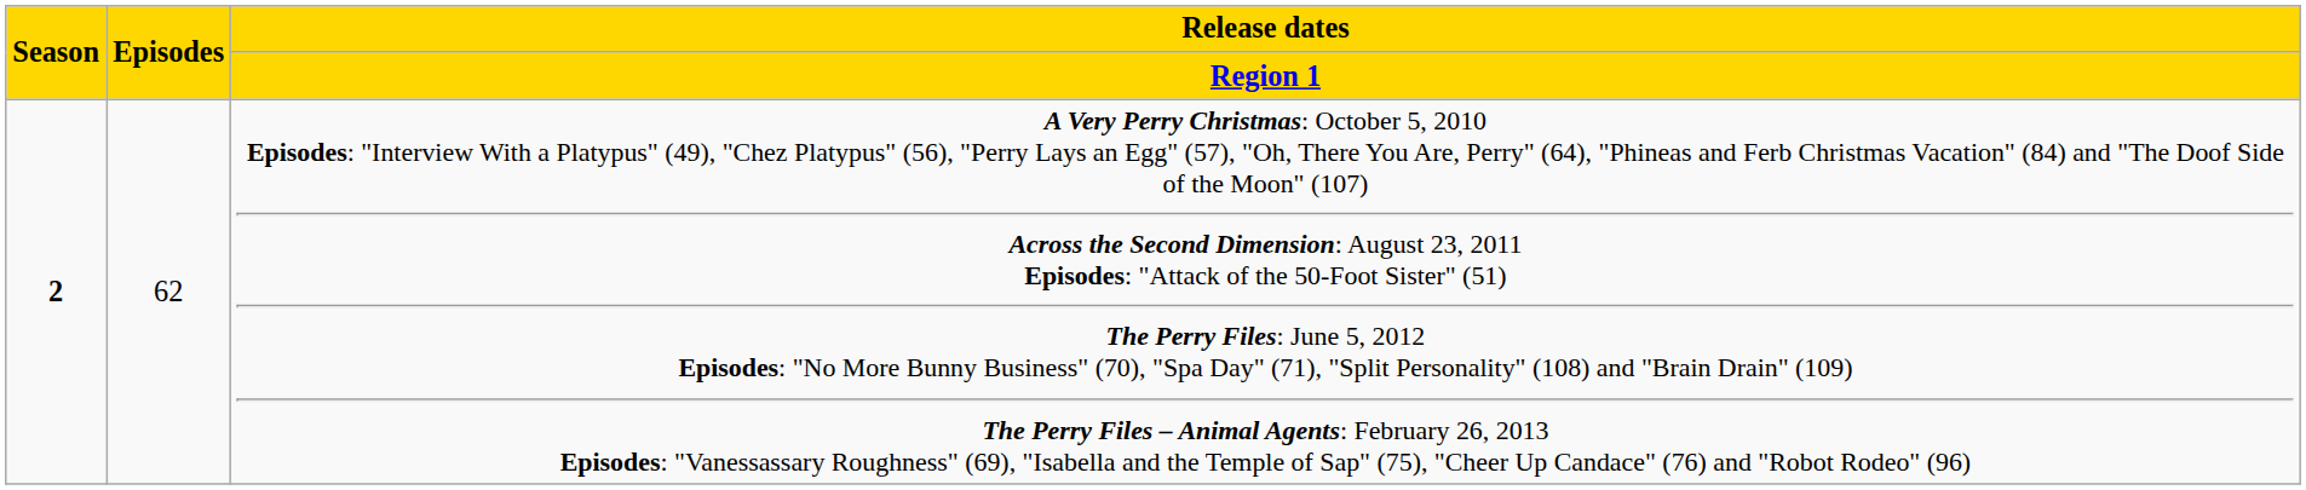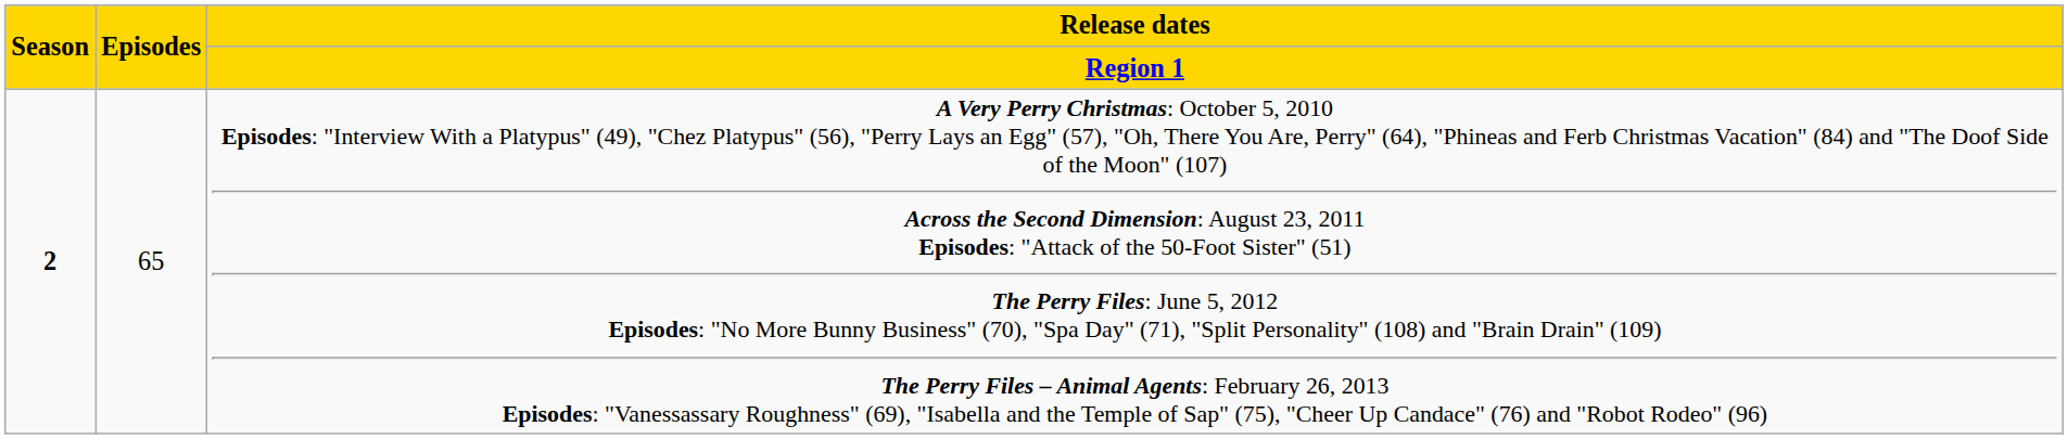 <table class="wikitable" style="text-align: center;">
 <tr>
 <th rowspan=2 style="background:gold">Season</th>
 <th rowspan=2 style="background:gold">Episodes</th>
 <th style="background:gold">Release dates</th>
 </tr>
 <tr>
 <th style="background:gold"><a href='#'>Region 1</a></th>
 </tr>
 <tr>
 <td><strong>2</strong></td>
-<td>62</td>
+<td>65</td>
 <td style="font-size:90%"><strong><em>A Very Perry Christmas</em></strong>: October 5, 2010<br><strong>Episodes</strong>: "Interview With a Platypus" (49), "Chez Platypus" (56), "Perry Lays an Egg" (57), "Oh, There You Are, Perry" (64), "Phineas and Ferb Christmas Vacation" (84) and "The Doof Side of the Moon" (107)<hr><strong><em>Across the Second Dimension</em></strong>: August 23, 2011<br><strong>Episodes</strong>: "Attack of the 50-Foot Sister" (51)<hr><strong><em>The Perry Files</em></strong>: June 5, 2012<br><strong>Episodes</strong>: "No More Bunny Business" (70), "Spa Day" (71), "Split Personality" (108) and "Brain Drain" (109)<hr><strong><em>The Perry Files – Animal Agents</em></strong>: February 26, 2013<br><strong>Episodes</strong>: "Vanessassary Roughness" (69), "Isabella and the Temple of Sap" (75), "Cheer Up Candace" (76) and "Robot Rodeo" (96)</td>
 </tr>
 </table>
